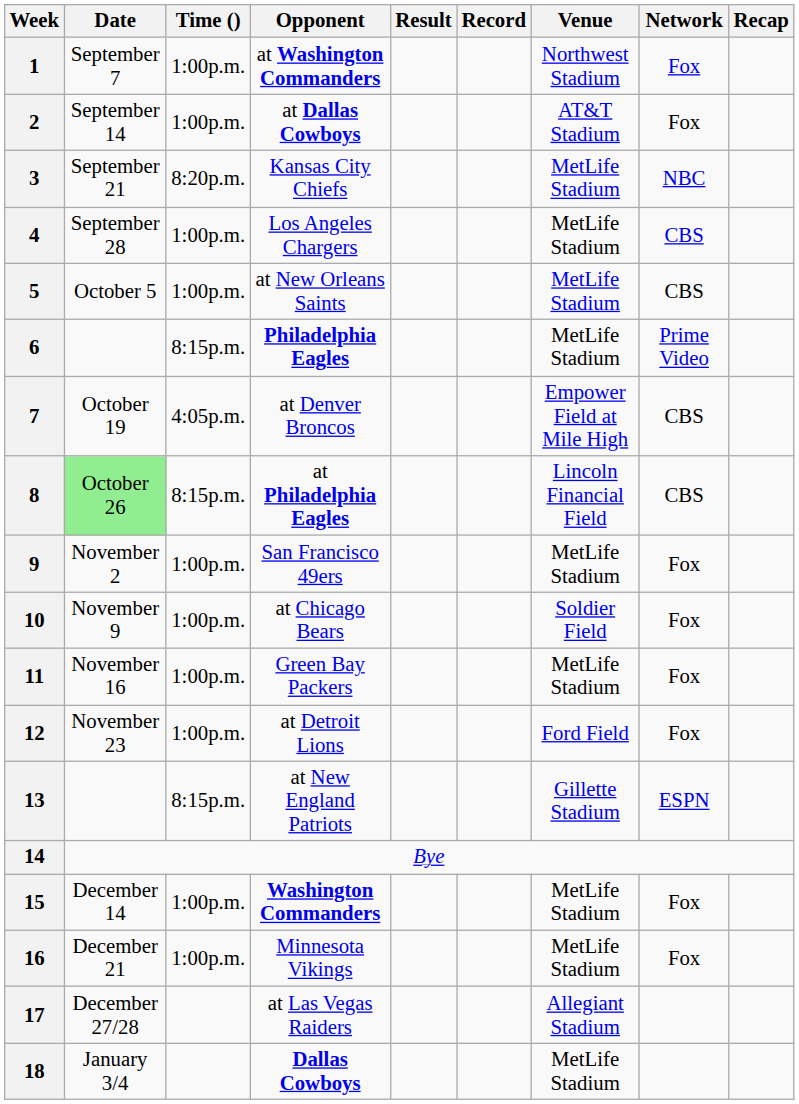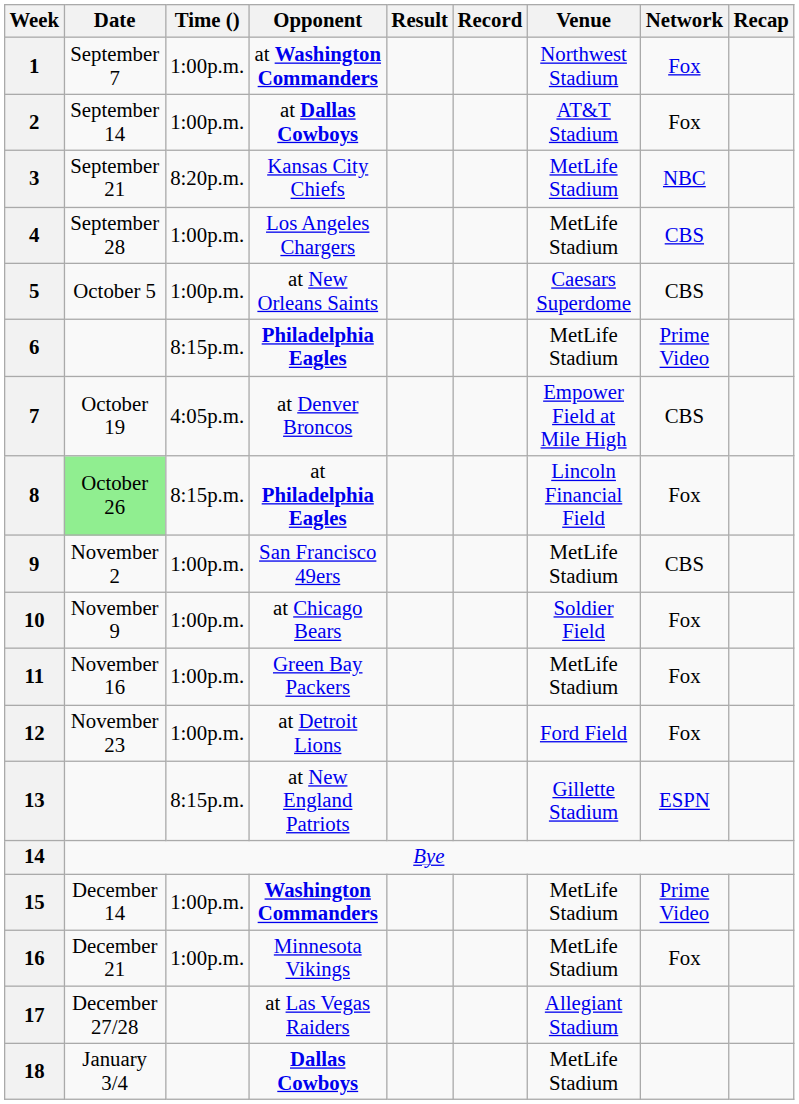 <table class="wikitable" style="text-align:center">
 <tr>
 <th>Week</th>
 <th>Date</th>
 <th>Time (<a href='#'></a>)</th>
 <th>Opponent</th>
 <th>Result</th>
 <th>Record</th>
 <th>Venue</th>
 <th>Network</th>
 <th>Recap</th>
 </tr>
 <tr>
 <th>1 </th>
 <td>September 7</td>
 <td>1:00p.m.</td>
 <td>at <strong><a href='#'>Washington Commanders</a></strong></td>
 <td></td>
 <td></td>
 <td><a href='#'>Northwest Stadium</a></td>
 <td><a href='#'>Fox</a></td>
 <td></td>
 </tr>
 <tr>
 <th>2 </th>
 <td>September 14</td>
 <td>1:00p.m.</td>
 <td>at <strong><a href='#'>Dallas Cowboys</a></strong></td>
 <td></td>
 <td></td>
 <td><a href='#'>AT&T Stadium</a></td>
 <td>Fox</td>
 <td></td>
 </tr>
 <tr>
 <th>3 </th>
 <td>September 21</td>
 <td>8:20p.m.</td>
 <td><a href='#'>Kansas City Chiefs</a></td>
 <td></td>
 <td></td>
 <td><a href='#'>MetLife Stadium</a></td>
 <td><a href='#'>NBC</a></td>
 <td></td>
 </tr>
 <tr>
 <th>4 </th>
 <td>September 28</td>
 <td>1:00p.m.</td>
 <td><a href='#'>Los Angeles Chargers</a></td>
 <td></td>
 <td></td>
 <td>MetLife Stadium</td>
 <td><a href='#'>CBS</a></td>
 <td></td>
 </tr>
 <tr>
 <th>5 </th>
 <td>October 5</td>
 <td>1:00p.m.</td>
 <td>at <a href='#'>New Orleans Saints</a></td>
 <td></td>
 <td></td>
-<td><a href='#'>MetLife Stadium</a></td>
+<td><a href='#'>Caesars Superdome</a></td>
 <td>CBS</td>
 <td></td>
 </tr>
 <tr>
 <th>6 </th>
 <td></td>
 <td>8:15p.m.</td>
 <td><strong><a href='#'>Philadelphia Eagles</a></strong></td>
 <td></td>
 <td></td>
 <td>MetLife Stadium</td>
 <td><a href='#'>Prime Video</a></td>
 <td></td>
 </tr>
 <tr>
 <th>7 </th>
 <td>October 19</td>
 <td>4:05p.m.</td>
 <td>at <a href='#'>Denver Broncos</a></td>
 <td></td>
 <td></td>
 <td><a href='#'>Empower Field at Mile High</a></td>
 <td>CBS</td>
 <td></td>
 </tr>
 <tr>
 <th>8 </th>
 <td style="background: lightgreen;">October 26</td>
 <td>8:15p.m.</td>
 <td>at <strong><a href='#'>Philadelphia Eagles</a></strong></td>
 <td></td>
 <td></td>
 <td><a href='#'>Lincoln Financial Field</a></td>
-<td>CBS</td>
+<td>Fox</td>
 <td></td>
 </tr>
 <tr>
 <th>9 </th>
 <td>November 2</td>
 <td>1:00p.m.</td>
 <td><a href='#'>San Francisco 49ers</a></td>
 <td></td>
 <td></td>
 <td>MetLife Stadium</td>
-<td>Fox</td>
+<td>CBS</td>
 <td></td>
 </tr>
 <tr>
 <th>10 </th>
 <td>November 9</td>
 <td>1:00p.m.</td>
 <td>at <a href='#'>Chicago Bears</a></td>
 <td></td>
 <td></td>
 <td><a href='#'>Soldier Field</a></td>
 <td>Fox</td>
 <td></td>
 </tr>
 <tr>
 <th>11 </th>
 <td>November 16</td>
 <td>1:00p.m.</td>
 <td><a href='#'>Green Bay Packers</a></td>
 <td></td>
 <td></td>
 <td>MetLife Stadium</td>
 <td>Fox</td>
 <td></td>
 </tr>
 <tr>
 <th>12 </th>
 <td>November 23</td>
 <td>1:00p.m.</td>
 <td>at <a href='#'>Detroit Lions</a></td>
 <td></td>
 <td></td>
 <td><a href='#'>Ford Field</a></td>
 <td>Fox</td>
 <td></td>
 </tr>
 <tr>
 <th>13 </th>
 <td></td>
 <td>8:15p.m.</td>
 <td>at <a href='#'>New England Patriots</a></td>
 <td></td>
 <td></td>
 <td><a href='#'>Gillette Stadium</a></td>
 <td><a href='#'>ESPN</a></td>
 <td></td>
 </tr>
 <tr>
 <th>14</th>
 <td colspan=8><em><a href='#'>Bye</a></td>
 </tr>
 <tr>
 <th>15 </th>
 <td>December 14</td>
 <td>1:00p.m.</td>
 <td><strong><a href='#'>Washington Commanders</a></strong></td>
 <td></td>
 <td></td>
 <td>MetLife Stadium</td>
-<td>Fox</td>
+<td><a href='#'>Prime Video</a></td>
 <td></td>
 </tr>
 <tr>
 <th>16 </th>
 <td>December 21</td>
 <td>1:00p.m.</td>
 <td><a href='#'>Minnesota Vikings</a></td>
 <td></td>
 <td></td>
 <td>MetLife Stadium</td>
 <td>Fox</td>
 <td></td>
 </tr>
 <tr>
 <th>17 </th>
 <td>December 27/28</td>
 <td></td>
 <td>at <a href='#'>Las Vegas Raiders</a></td>
 <td></td>
 <td></td>
 <td><a href='#'>Allegiant Stadium</a></td>
 <td></td>
 <td></td>
 </tr>
 <tr>
 <th>18 </th>
 <td>January 3/4</td>
 <td></td>
 <td><strong><a href='#'>Dallas Cowboys</a></strong></td>
 <td></td>
 <td></td>
 <td>MetLife Stadium</td>
 <td></td>
 <td></td>
 </tr>
 </table>
